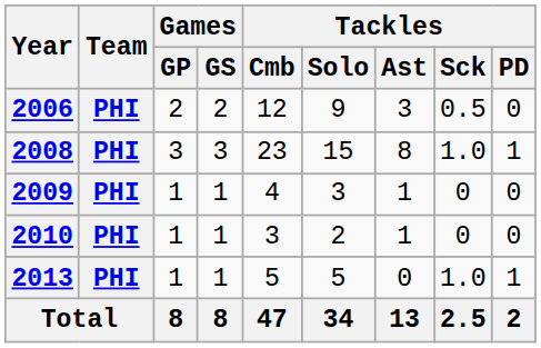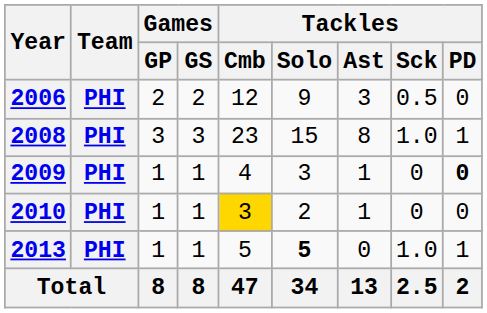 <table class=wikitable style="text-align:center;">
 <tr>
 <th rowspan="2">Year</th>
 <th rowspan="2">Team</th>
 <th colspan="2">Games</th>
 <th colspan="5">Tackles</th>
 </tr>
 <tr>
 <th>GP</th>
 <th>GS</th>
 <th>Cmb</th>
 <th>Solo</th>
 <th>Ast</th>
 <th>Sck</th>
 <th>PD</th>
 </tr>
 <tr>
 <th><a href='#'>2006</a></th>
 <th><a href='#'>PHI</a></th>
 <td>2</td>
 <td>2</td>
 <td>12</td>
 <td>9</td>
 <td>3</td>
 <td>0.5</td>
 <td>0</td>
 </tr>
 <tr>
 <th><a href='#'>2008</a></th>
 <th><a href='#'>PHI</a></th>
 <td>3</td>
 <td>3</td>
 <td>23</td>
 <td>15</td>
 <td>8</td>
 <td>1.0</td>
 <td>1</td>
 </tr>
 <tr>
 <th><a href='#'>2009</a></th>
 <th><a href='#'>PHI</a></th>
 <td>1</td>
 <td>1</td>
 <td>4</td>
 <td>3</td>
 <td>1</td>
 <td>0</td>
-<td>0</td>
+<td><strong>0</strong></td>
 </tr>
 <tr>
 <th><a href='#'>2010</a></th>
 <th><a href='#'>PHI</a></th>
 <td>1</td>
 <td>1</td>
-<td>3</td>
+<td style="background: gold;">3</td>
 <td>2</td>
 <td>1</td>
 <td>0</td>
 <td>0</td>
 </tr>
 <tr>
 <th><a href='#'>2013</a></th>
 <th><a href='#'>PHI</a></th>
 <td>1</td>
 <td>1</td>
 <td>5</td>
-<td>5</td>
+<td><strong>5</strong></td>
 <td>0</td>
 <td>1.0</td>
 <td>1</td>
 </tr>
 <tr>
 <th colspan="2">Total</th>
 <th>8</th>
 <th>8</th>
 <th>47</th>
 <th>34</th>
 <th>13</th>
 <th>2.5</th>
 <th>2</th>
 </tr>
 </table>
